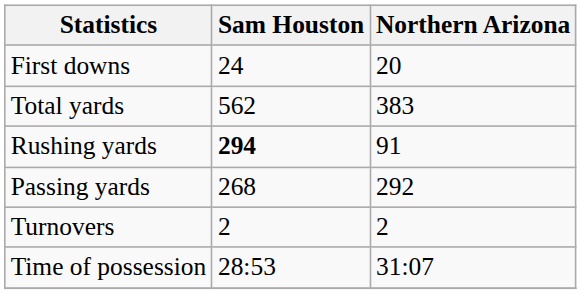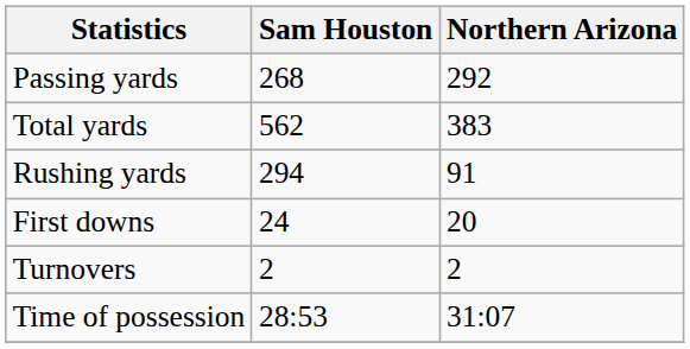 <table class="wikitable" style="float: left;">
 <tr>
 <th>Statistics</th>
 <th><strong>Sam Houston</strong></th>
 <th><strong>Northern Arizona</strong></th>
 </tr>
 <tr>
-<td>First downs</td>
-<td>24</td>
-<td>20</td>
+<td>Passing yards</td>
+<td>268</td>
+<td>292</td>
 </tr>
 <tr>
 <td>Total yards</td>
 <td>562</td>
 <td>383</td>
 </tr>
 <tr>
 <td>Rushing yards</td>
-<td><strong>294</strong></td>
+<td>294</td>
 <td>91</td>
 </tr>
 <tr>
-<td>Passing yards</td>
-<td>268</td>
-<td>292</td>
+<td>First downs</td>
+<td>24</td>
+<td>20</td>
 </tr>
 <tr>
 <td>Turnovers</td>
 <td>2</td>
 <td>2</td>
 </tr>
 <tr>
 <td>Time of possession</td>
 <td>28:53</td>
 <td>31:07</td>
 </tr>
 <tr>
 </tr>
 </table>
